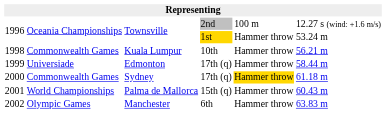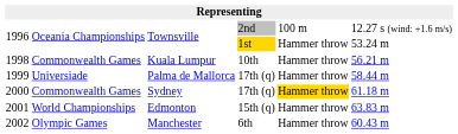 <table>
 <tr>
 <th bgcolor="#eeeeee" colspan="6">Representing </th>
 </tr>
 <tr>
 <td rowspan=2>1996</td>
 <td rowspan=2 align=left><a href='#'>Oceania Championships</a></td>
 <td rowspan=2 align=left><a href='#'>Townsville</a></td>
 <td bgcolor=silver>2nd</td>
 <td>100 m</td>
 <td>12.27 s <small>(wind: +1.6 m/s)</small></td>
 </tr>
 <tr>
 <td bgcolor=gold>1st</td>
 <td>Hammer throw</td>
 <td>53.24 m</td>
 </tr>
 <tr>
 <td>1998</td>
 <td align=left><a href='#'>Commonwealth Games</a></td>
 <td align=left><a href='#'>Kuala Lumpur</a></td>
 <td>10th</td>
 <td>Hammer throw</td>
 <td><a href='#'>56.21 m</a></td>
 </tr>
 <tr>
 <td>1999</td>
 <td align=left><a href='#'>Universiade</a></td>
-<td align=left><a href='#'>Edmonton</a></td>
+<td align=left><a href='#'>Palma de Mallorca</a></td>
 <td>17th (q)</td>
 <td>Hammer throw</td>
 <td><a href='#'>58.44 m</a></td>
 </tr>
 <tr>
 <td>2000</td>
 <td align=left><a href='#'>Commonwealth Games</a></td>
 <td align=left><a href='#'>Sydney</a></td>
 <td>17th (q)</td>
 <td style="background: gold;">Hammer throw</td>
 <td><a href='#'>61.18 m</a></td>
 </tr>
 <tr>
 <td>2001</td>
 <td align=left><a href='#'>World Championships</a></td>
-<td align=left><a href='#'>Palma de Mallorca</a></td>
+<td align=left><a href='#'>Edmonton</a></td>
 <td>15th (q)</td>
 <td>Hammer throw</td>
-<td><a href='#'>60.43 m</a></td>
+<td><a href='#'>63.83 m</a></td>
 </tr>
 <tr>
 <td>2002</td>
 <td align=left><a href='#'>Olympic Games</a></td>
 <td align=left><a href='#'>Manchester</a></td>
 <td>6th</td>
 <td>Hammer throw</td>
-<td><a href='#'>63.83 m</a></td>
+<td><a href='#'>60.43 m</a></td>
 </tr>
 </table>
